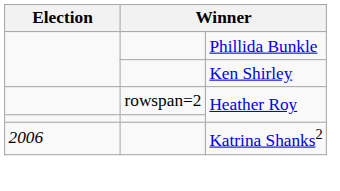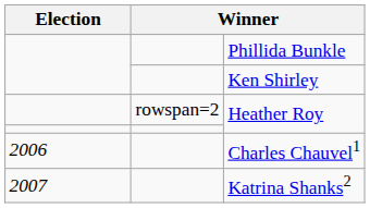 <table class=wikitable>
 <tr>
 <th width=100>Election</th>
 <th width=175 colspan=2>Winner</th>
 </tr>
 <tr>
 <td rowspan=2></td>
 <td></td>
 <td><a href='#'>Phillida Bunkle</a></td>
 </tr>
 <tr>
 <td></td>
 <td><a href='#'>Ken Shirley</a></td>
 </tr>
 <tr>
 <td></td>
 <td>rowspan=2 </td>
 <td rowspan=2><a href='#'>Heather Roy</a></td>
 </tr>
 <tr>
 <td></td>
 </tr>
 <tr>
 <td><em>2006</em></td>
 <td></td>
+<td><a href='#'>Charles Chauvel</a><sup>1</sup></td>
+</tr>
+<tr>
+<td><em>2007</em></td>
+<td></td>
 <td><a href='#'>Katrina Shanks</a><sup>2</sup></td>
 </tr>
 </table>
